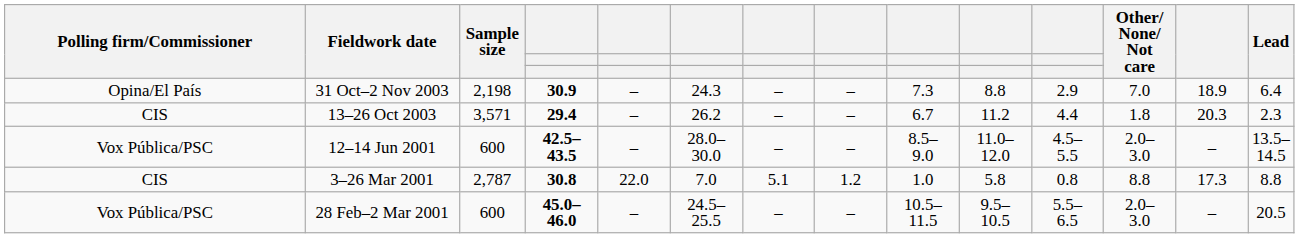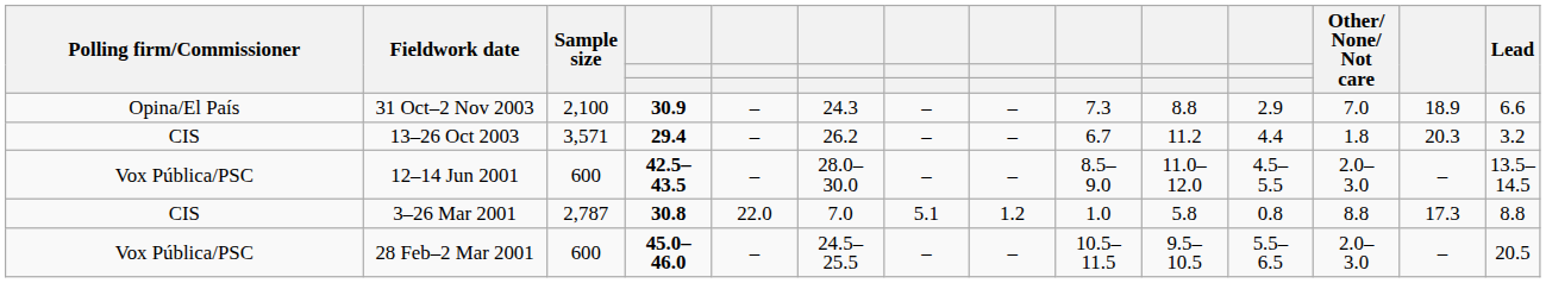 <table class="wikitable collapsible collapsed" style="text-align:center; font-size:90%; line-height:14px;">
 <tr style="height:42px;">
 <th style="width:250px;" rowspan="3">Polling firm/Commissioner</th>
 <th style="width:125px;" rowspan="3">Fieldwork date</th>
 <th style="width:50px;" rowspan="3">Sample size</th>
 <th style="width:55px;"></th>
 <th style="width:55px;"></th>
 <th style="width:55px;"></th>
 <th style="width:55px;"></th>
 <th style="width:55px;"></th>
 <th style="width:55px;"></th>
 <th style="width:55px;"></th>
 <th style="width:55px;"></th>
 <th style="width:55px;" rowspan="3">Other/<br>None/<br>Not<br>care</th>
 <th style="width:55px;" rowspan="3"></th>
 <th style="width:30px;" rowspan="3">Lead</th>
 </tr>
 <tr>
 <th style="color:inherit;background:"></th>
 <th style="color:inherit;background:"></th>
 <th style="color:inherit;background:"></th>
 <th style="color:inherit;background:"></th>
 <th style="color:inherit;background:"></th>
 <th style="color:inherit;background:"></th>
 <th style="color:inherit;background:"></th>
 <th style="color:inherit;background:"></th>
 </tr>
 <tr>
 <th></th>
 <th></th>
 <th></th>
 <th></th>
 <th></th>
 <th></th>
 <th></th>
 <th></th>
 </tr>
 <tr>
 <td>Opina/El País</td>
 <td>31 Oct–2 Nov 2003</td>
-<td>2,198</td>
+<td>2,100</td>
 <td><strong>30.9</strong></td>
 <td>–</td>
 <td>24.3</td>
 <td>–</td>
 <td>–</td>
 <td>7.3</td>
 <td>8.8</td>
 <td>2.9</td>
 <td>7.0</td>
 <td>18.9</td>
-<td style="background:">6.4</td>
+<td style="background:">6.6</td>
 </tr>
 <tr>
 <td>CIS</td>
 <td>13–26 Oct 2003</td>
 <td>3,571</td>
 <td><strong>29.4</strong></td>
 <td>–</td>
 <td>26.2</td>
 <td>–</td>
 <td>–</td>
 <td>6.7</td>
 <td>11.2</td>
 <td>4.4</td>
 <td>1.8</td>
 <td>20.3</td>
-<td style="background:">2.3</td>
+<td style="background:">3.2</td>
 </tr>
 <tr>
 <td>Vox Pública/PSC</td>
 <td>12–14 Jun 2001</td>
 <td>600</td>
 <td><strong>42.5–<br>43.5</strong></td>
 <td>–</td>
 <td>28.0–<br>30.0</td>
 <td>–</td>
 <td>–</td>
 <td>8.5–<br>9.0</td>
 <td>11.0–<br>12.0</td>
 <td>4.5–<br>5.5</td>
 <td>2.0–<br>3.0</td>
 <td>–</td>
 <td style="background:">13.5–<br>14.5</td>
 </tr>
 <tr>
 <td>CIS</td>
 <td>3–26 Mar 2001</td>
 <td>2,787</td>
 <td><strong>30.8</strong></td>
 <td>22.0</td>
 <td>7.0</td>
 <td>5.1</td>
 <td>1.2</td>
 <td>1.0</td>
 <td>5.8</td>
 <td>0.8</td>
 <td>8.8</td>
 <td>17.3</td>
 <td style="background:">8.8</td>
 </tr>
 <tr>
 <td>Vox Pública/PSC</td>
 <td>28 Feb–2 Mar 2001</td>
 <td>600</td>
 <td><strong>45.0–<br>46.0</strong></td>
 <td>–</td>
 <td>24.5–<br>25.5</td>
 <td>–</td>
 <td>–</td>
 <td>10.5–<br>11.5</td>
 <td>9.5–<br>10.5</td>
 <td>5.5–<br>6.5</td>
 <td>2.0–<br>3.0</td>
 <td>–</td>
 <td style="background:">20.5</td>
 </tr>
 </table>
